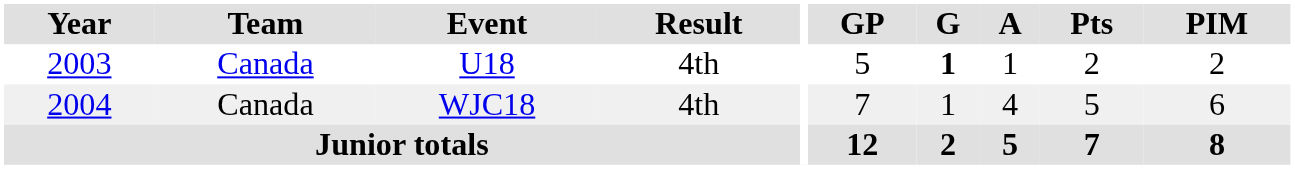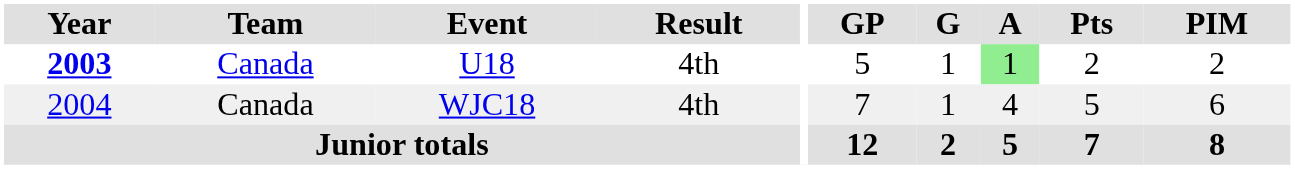 <table border="0" cellpadding="1" cellspacing="0" ID="Table3" style="text-align:center; width:40em">
 <tr ALIGN="center" bgcolor="#e0e0e0">
 <th>Year</th>
 <th>Team</th>
 <th>Event</th>
 <th>Result</th>
 <th rowspan="99" bgcolor="#ffffff"></th>
 <th>GP</th>
 <th>G</th>
 <th>A</th>
 <th>Pts</th>
 <th>PIM</th>
 </tr>
 <tr>
-<td><a href='#'>2003</a></td>
+<td><strong><a href='#'>2003</a></strong></td>
 <td><a href='#'>Canada</a></td>
 <td><a href='#'>U18</a></td>
 <td>4th</td>
 <td>5</td>
-<td><strong>1</strong></td>
 <td>1</td>
+<td style="background: lightgreen;">1</td>
 <td>2</td>
 <td>2</td>
 </tr>
 <tr bgcolor="#f0f0f0">
 <td><a href='#'>2004</a></td>
 <td>Canada</td>
 <td><a href='#'>WJC18</a></td>
 <td>4th</td>
 <td>7</td>
 <td>1</td>
 <td>4</td>
 <td>5</td>
 <td>6</td>
 </tr>
 <tr bgcolor="#e0e0e0">
 <th colspan=4>Junior totals</th>
 <th>12</th>
 <th>2</th>
 <th>5</th>
 <th>7</th>
 <th>8</th>
 </tr>
 </table>
